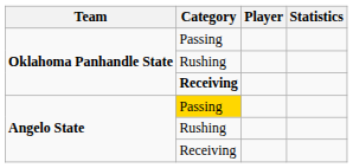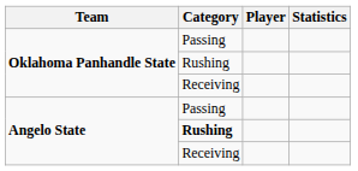 <table class="wikitable" style="float: left;">
 <tr>
 <th>Team</th>
 <th>Category</th>
 <th>Player</th>
 <th>Statistics</th>
 </tr>
 <tr>
 <td rowspan=3><strong>Oklahoma Panhandle State</strong></td>
 <td>Passing</td>
 <td></td>
 <td></td>
 </tr>
 <tr>
 <td>Rushing</td>
 <td></td>
 <td></td>
 </tr>
 <tr>
-<td><strong>Receiving</strong></td>
+<td>Receiving</td>
 <td></td>
 <td></td>
 </tr>
 <tr>
 <td rowspan=3><strong>Angelo State</strong></td>
-<td style="background: gold;">Passing</td>
+<td>Passing</td>
 <td></td>
 <td></td>
 </tr>
 <tr>
-<td>Rushing</td>
+<td><strong>Rushing</strong></td>
 <td></td>
 <td></td>
 </tr>
 <tr>
 <td>Receiving</td>
 <td></td>
 <td></td>
 </tr>
 </table>
